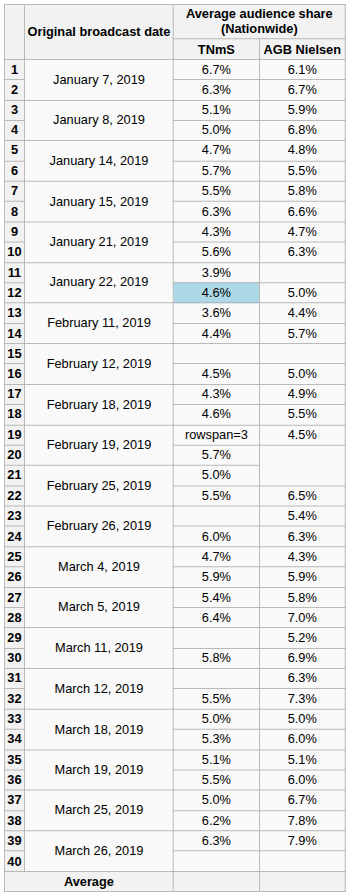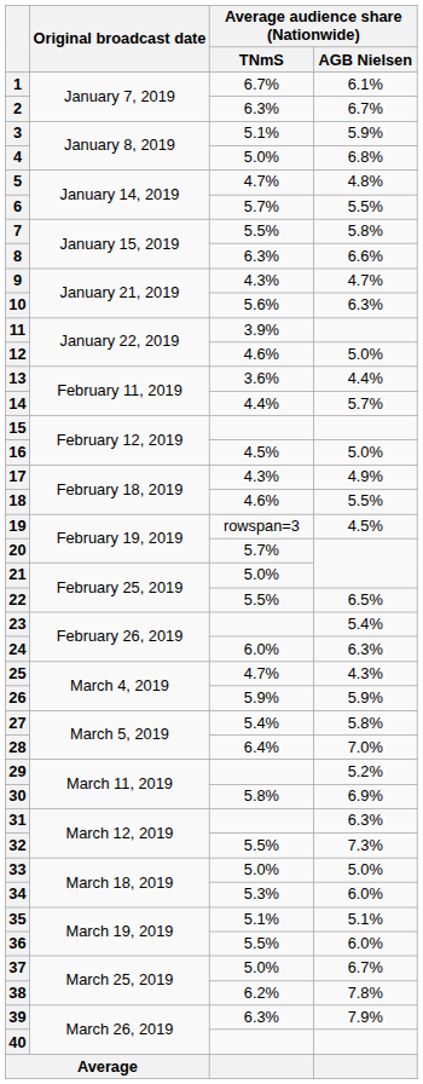 <table class="wikitable" style="text-align:center">
 <tr>
 <th rowspan="2"></th>
 <th rowspan="2">Original broadcast date</th>
 <th colspan="2">Average audience share<br>(Nationwide)</th>
 </tr>
 <tr>
 <th width="100">TNmS</th>
 <th width="100">AGB Nielsen</th>
 </tr>
 <tr>
 <th>1</th>
 <td rowspan="2">January 7, 2019</td>
 <td>6.7%</td>
 <td>6.1% </td>
 </tr>
 <tr>
 <th>2</th>
 <td>6.3%</td>
 <td>6.7% </td>
 </tr>
 <tr>
 <th>3</th>
 <td rowspan="2">January 8, 2019</td>
 <td>5.1%</td>
 <td>5.9% </td>
 </tr>
 <tr>
 <th>4</th>
 <td>5.0%</td>
 <td>6.8% </td>
 </tr>
 <tr>
 <th>5</th>
 <td rowspan="2">January 14, 2019</td>
 <td>4.7%</td>
 <td>4.8% </td>
 </tr>
 <tr>
 <th>6</th>
 <td>5.7%</td>
 <td>5.5% </td>
 </tr>
 <tr>
 <th>7</th>
 <td rowspan="2">January 15, 2019</td>
 <td>5.5%</td>
 <td>5.8% </td>
 </tr>
 <tr>
 <th>8</th>
 <td>6.3%</td>
 <td>6.6% </td>
 </tr>
 <tr>
 <th>9</th>
 <td rowspan="2">January 21, 2019</td>
 <td>4.3%</td>
 <td>4.7% </td>
 </tr>
 <tr>
 <th>10</th>
 <td>5.6%</td>
 <td>6.3% </td>
 </tr>
 <tr>
 <th>11</th>
 <td rowspan="2">January 22, 2019</td>
 <td>3.9%</td>
 <td> </td>
 </tr>
 <tr>
 <th>12</th>
-<td style="background: lightblue;">4.6%</td>
+<td>4.6%</td>
 <td>5.0% </td>
 </tr>
 <tr>
 <th>13</th>
 <td rowspan="2">February 11, 2019</td>
 <td>3.6%</td>
 <td>4.4% </td>
 </tr>
 <tr>
 <th>14</th>
 <td>4.4%</td>
 <td>5.7% </td>
 </tr>
 <tr>
 <th>15</th>
 <td rowspan="2">February 12, 2019</td>
 <td></td>
 <td> </td>
 </tr>
 <tr>
 <th>16</th>
 <td>4.5%</td>
 <td>5.0% </td>
 </tr>
 <tr>
 <th>17</th>
 <td rowspan="2">February 18, 2019</td>
 <td>4.3%</td>
 <td>4.9% </td>
 </tr>
 <tr>
 <th>18</th>
 <td>4.6%</td>
 <td>5.5% </td>
 </tr>
 <tr>
 <th>19</th>
 <td rowspan="2">February 19, 2019</td>
 <td>rowspan=3 </td>
 <td>4.5% </td>
 </tr>
 <tr>
 <th>20</th>
 <td>5.7% </td>
 </tr>
 <tr>
 <th>21</th>
 <td rowspan="2">February 25, 2019</td>
 <td>5.0%</td>
 </tr>
 <tr>
 <th>22</th>
 <td>5.5%</td>
 <td>6.5%</td>
 </tr>
 <tr>
 <th>23</th>
 <td rowspan="2">February 26, 2019</td>
 <td></td>
 <td>5.4%</td>
 </tr>
 <tr>
 <th>24</th>
 <td>6.0%</td>
 <td>6.3%</td>
 </tr>
 <tr>
 <th>25</th>
 <td rowspan="2">March 4, 2019</td>
 <td>4.7%</td>
 <td>4.3%</td>
 </tr>
 <tr>
 <th>26</th>
 <td>5.9%</td>
 <td>5.9%</td>
 </tr>
 <tr>
 <th>27</th>
 <td rowspan="2">March 5, 2019</td>
 <td>5.4%</td>
 <td>5.8%</td>
 </tr>
 <tr>
 <th>28</th>
 <td>6.4%</td>
 <td>7.0%</td>
 </tr>
 <tr>
 <th>29</th>
 <td rowspan="2">March 11, 2019</td>
 <td></td>
 <td>5.2%</td>
 </tr>
 <tr>
 <th>30</th>
 <td>5.8%</td>
 <td>6.9%</td>
 </tr>
 <tr>
 <th>31</th>
 <td rowspan="2">March 12, 2019</td>
 <td></td>
 <td>6.3%</td>
 </tr>
 <tr>
 <th>32</th>
 <td>5.5%</td>
 <td>7.3%</td>
 </tr>
 <tr>
 <th>33</th>
 <td rowspan="2">March 18, 2019</td>
 <td>5.0%</td>
 <td>5.0%</td>
 </tr>
 <tr>
 <th>34</th>
 <td>5.3%</td>
 <td>6.0%</td>
 </tr>
 <tr>
 <th>35</th>
 <td rowspan="2">March 19, 2019</td>
 <td>5.1%</td>
 <td>5.1%</td>
 </tr>
 <tr>
 <th>36</th>
 <td>5.5%</td>
 <td>6.0%</td>
 </tr>
 <tr>
 <th>37</th>
 <td rowspan="2">March 25, 2019</td>
 <td>5.0%</td>
 <td>6.7%</td>
 </tr>
 <tr>
 <th>38</th>
 <td>6.2%</td>
 <td>7.8%</td>
 </tr>
 <tr>
 <th>39</th>
 <td rowspan="2">March 26, 2019</td>
 <td>6.3%</td>
 <td>7.9%</td>
 </tr>
 <tr>
 <th>40</th>
 <td></td>
 <td></td>
 </tr>
 <tr>
 <th colspan="2">Average</th>
 <th></th>
 <th></th>
 </tr>
 </table>
